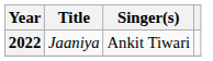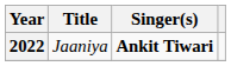 <table class="wikitable plainrowheaders sortable">
 <tr>
 <th scope="col">Year</th>
 <th scope="col">Title</th>
 <th scope="col" class="unsortable">Singer(s)</th>
 <th scope="col" class="unsortable"></th>
 </tr>
 <tr>
 <th scope="row">2022</th>
 <td><em>Jaaniya</em></td>
-<td>Ankit Tiwari</td>
+<td><strong>Ankit Tiwari</strong></td>
 <td></td>
 </tr>
 <tr>
 </tr>
 </table>
